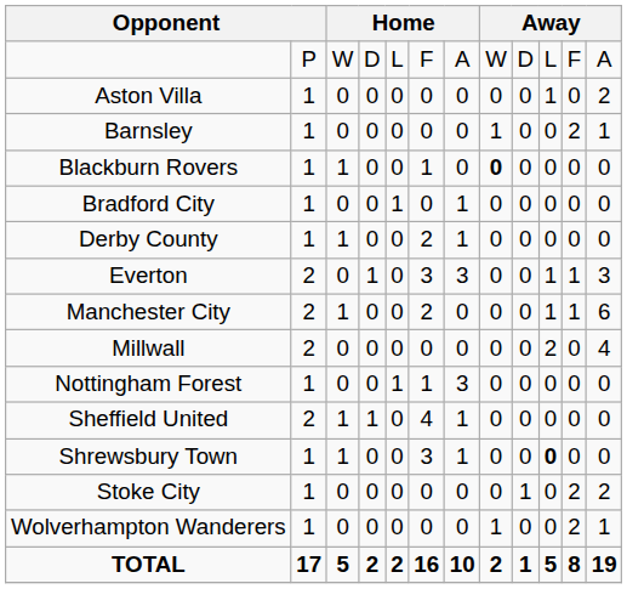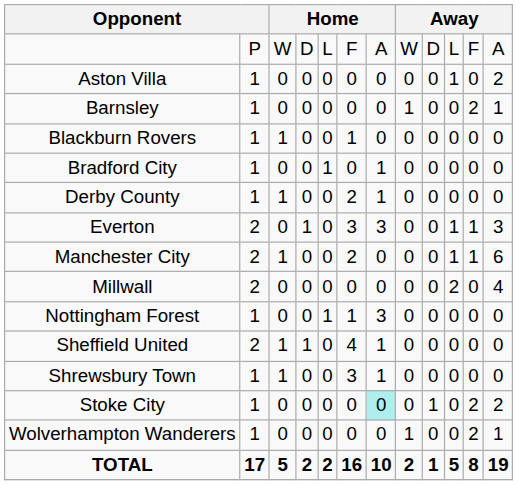 <table class="wikitable" style="text-align: center">
 <tr>
 <th colspan=2>Opponent</th>
 <th colspan=5>Home</th>
 <th colspan=5>Away</th>
 </tr>
 <tr>
 <td></td>
 <td>P</td>
 <td>W</td>
 <td>D</td>
 <td>L</td>
 <td>F</td>
 <td>A</td>
 <td>W</td>
 <td>D</td>
 <td>L</td>
 <td>F</td>
 <td>A</td>
 </tr>
 <tr>
 <td>Aston Villa</td>
 <td>1</td>
 <td>0</td>
 <td>0</td>
 <td>0</td>
 <td>0</td>
 <td>0</td>
 <td>0</td>
 <td>0</td>
 <td>1</td>
 <td>0</td>
 <td>2</td>
 </tr>
 <tr>
 <td>Barnsley</td>
 <td>1</td>
 <td>0</td>
 <td>0</td>
 <td>0</td>
 <td>0</td>
 <td>0</td>
 <td>1</td>
 <td>0</td>
 <td>0</td>
 <td>2</td>
 <td>1</td>
 </tr>
 <tr>
 <td>Blackburn Rovers</td>
 <td>1</td>
 <td>1</td>
 <td>0</td>
 <td>0</td>
 <td>1</td>
 <td>0</td>
-<td><strong>0</strong></td>
+<td>0</td>
 <td>0</td>
 <td>0</td>
 <td>0</td>
 <td>0</td>
 </tr>
 <tr>
 <td>Bradford City</td>
 <td>1</td>
 <td>0</td>
 <td>0</td>
 <td>1</td>
 <td>0</td>
 <td>1</td>
 <td>0</td>
 <td>0</td>
 <td>0</td>
 <td>0</td>
 <td>0</td>
 </tr>
 <tr>
 <td>Derby County</td>
 <td>1</td>
 <td>1</td>
 <td>0</td>
 <td>0</td>
 <td>2</td>
 <td>1</td>
 <td>0</td>
 <td>0</td>
 <td>0</td>
 <td>0</td>
 <td>0</td>
 </tr>
 <tr>
 <td>Everton</td>
 <td>2</td>
 <td>0</td>
 <td>1</td>
 <td>0</td>
 <td>3</td>
 <td>3</td>
 <td>0</td>
 <td>0</td>
 <td>1</td>
 <td>1</td>
 <td>3</td>
 </tr>
 <tr>
 <td>Manchester City</td>
 <td>2</td>
 <td>1</td>
 <td>0</td>
 <td>0</td>
 <td>2</td>
 <td>0</td>
 <td>0</td>
 <td>0</td>
 <td>1</td>
 <td>1</td>
 <td>6</td>
 </tr>
 <tr>
 <td>Millwall</td>
 <td>2</td>
 <td>0</td>
 <td>0</td>
 <td>0</td>
 <td>0</td>
 <td>0</td>
 <td>0</td>
 <td>0</td>
 <td>2</td>
 <td>0</td>
 <td>4</td>
 </tr>
 <tr>
 <td>Nottingham Forest</td>
 <td>1</td>
 <td>0</td>
 <td>0</td>
 <td>1</td>
 <td>1</td>
 <td>3</td>
 <td>0</td>
 <td>0</td>
 <td>0</td>
 <td>0</td>
 <td>0</td>
 </tr>
 <tr>
 <td>Sheffield United</td>
 <td>2</td>
 <td>1</td>
 <td>1</td>
 <td>0</td>
 <td>4</td>
 <td>1</td>
 <td>0</td>
 <td>0</td>
 <td>0</td>
 <td>0</td>
 <td>0</td>
 </tr>
 <tr>
 <td>Shrewsbury Town</td>
 <td>1</td>
 <td>1</td>
 <td>0</td>
 <td>0</td>
 <td>3</td>
 <td>1</td>
 <td>0</td>
 <td>0</td>
-<td><strong>0</strong></td>
+<td>0</td>
 <td>0</td>
 <td>0</td>
 </tr>
 <tr>
 <td>Stoke City</td>
 <td>1</td>
 <td>0</td>
 <td>0</td>
 <td>0</td>
 <td>0</td>
-<td>0</td>
+<td style="background: paleturquoise;">0</td>
 <td>0</td>
 <td>1</td>
 <td>0</td>
 <td>2</td>
 <td>2</td>
 </tr>
 <tr>
 <td>Wolverhampton Wanderers</td>
 <td>1</td>
 <td>0</td>
 <td>0</td>
 <td>0</td>
 <td>0</td>
 <td>0</td>
 <td>1</td>
 <td>0</td>
 <td>0</td>
 <td>2</td>
 <td>1</td>
 </tr>
 <tr>
 <td><strong>TOTAL</strong></td>
 <td><strong>17</strong></td>
 <td><strong>5</strong></td>
 <td><strong>2</strong></td>
 <td><strong>2</strong></td>
 <td><strong>16</strong></td>
 <td><strong>10</strong></td>
 <td><strong>2</strong></td>
 <td><strong>1</strong></td>
 <td><strong>5</strong></td>
 <td><strong>8</strong></td>
 <td><strong>19</strong></td>
 </tr>
 <tr>
 </tr>
 </table>
